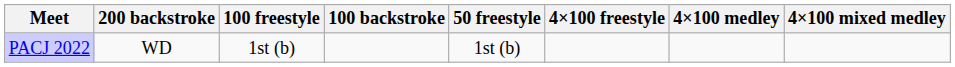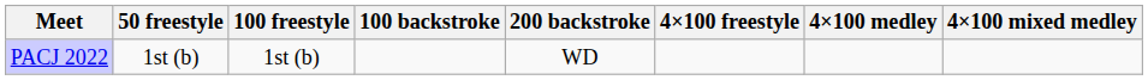 <table class="sortable wikitable">
 <tr>
 <th>Meet</th>
-<th class="unsortable">200 backstroke</th>
+<th class="unsortable">50 freestyle</th>
 <th class="unsortable">100 freestyle</th>
 <th class="unsortable">100 backstroke</th>
-<th class="unsortable">50 freestyle</th>
+<th class="unsortable">200 backstroke</th>
 <th class="unsortable">4×100 freestyle</th>
 <th class="unsortable">4×100 medley</th>
 <th class="unsortable">4×100 mixed medley</th>
 </tr>
 <tr>
 <td style="background:#ccccff"><a href='#'>PACJ 2022</a></td>
-<td align="center">WD</td>
+<td align="center">1st (b)</td>
 <td align="center">1st (b)</td>
 <td align="center"></td>
-<td align="center">1st (b)</td>
+<td align="center">WD</td>
 <td align="center"></td>
 <td align="center"></td>
 <td align="center"></td>
 </tr>
 </table>
